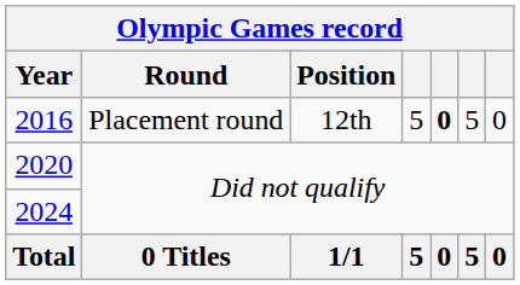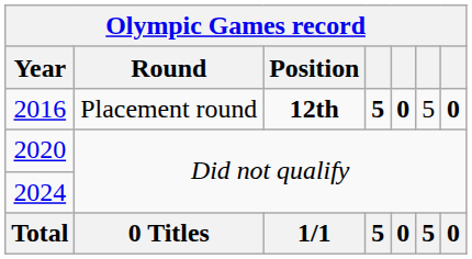 <table class="wikitable" style="text-align: center;">
 <tr>
 <th colspan=10><a href='#'>Olympic Games record</a></th>
 </tr>
 <tr>
 <th>Year</th>
 <th>Round</th>
 <th>Position</th>
 <th></th>
 <th></th>
 <th></th>
 <th></th>
 </tr>
 <tr>
 <td> <a href='#'>2016</a></td>
 <td>Placement round</td>
-<td>12th</td>
+<td><strong>12th</strong></td>
+<td><strong>5</strong></td>
+<td><strong>0</strong></td>
 <td>5</td>
 <td><strong>0</strong></td>
-<td>5</td>
-<td>0</td>
 </tr>
 <tr>
 <td> <a href='#'>2020</a></td>
 <td colspan="6" rowspan="2"><em>Did not qualify</em></td>
 </tr>
 <tr>
 <td> <a href='#'>2024</a></td>
 </tr>
 <tr>
 <th>Total</th>
 <th>0 Titles</th>
 <th>1/1</th>
 <th>5</th>
 <th>0</th>
 <th>5</th>
 <th>0</th>
 </tr>
 </table>
